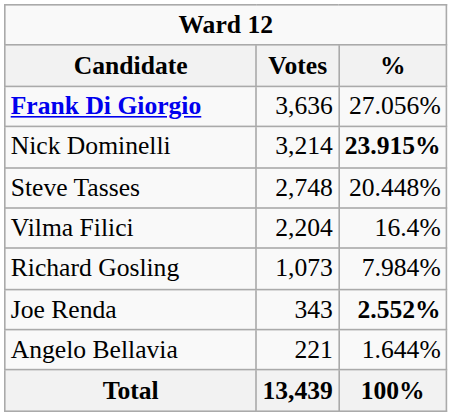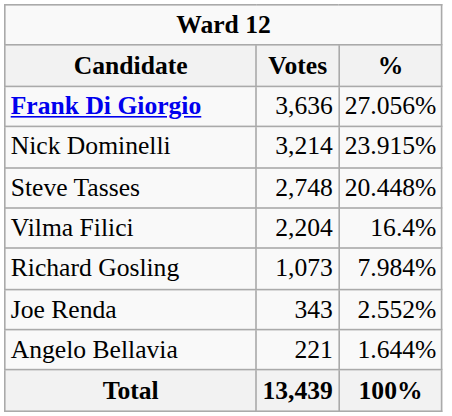 <table class="wikitable">
 <tr>
 <td Colspan="3" align="center"><strong>Ward 12</strong></td>
 </tr>
 <tr>
 <th bgcolor="#DDDDFF" width="150px">Candidate</th>
 <th bgcolor="#DDDDFF">Votes</th>
 <th bgcolor="#DDDDFF">%</th>
 </tr>
 <tr>
 <td><strong><a href='#'>Frank Di Giorgio</a></strong></td>
 <td align=right>3,636</td>
 <td align=right>27.056%</td>
 </tr>
 <tr>
 <td>Nick Dominelli</td>
 <td align=right>3,214</td>
-<td align=right><strong>23.915%</strong></td>
+<td align=right>23.915%</td>
 </tr>
 <tr>
 <td>Steve Tasses</td>
 <td align=right>2,748</td>
 <td align=right>20.448%</td>
 </tr>
 <tr>
 <td>Vilma Filici</td>
 <td align=right>2,204</td>
 <td align=right>16.4%</td>
 </tr>
 <tr>
 <td>Richard Gosling</td>
 <td align=right>1,073</td>
 <td align=right>7.984%</td>
 </tr>
 <tr>
 <td>Joe Renda</td>
 <td align=right>343</td>
-<td align=right><strong>2.552%</strong></td>
+<td align=right>2.552%</td>
 </tr>
 <tr>
 <td>Angelo Bellavia</td>
 <td align=right>221</td>
 <td align=right>1.644%</td>
 </tr>
 <tr>
 <th>Total</th>
 <th align=right>13,439</th>
 <th align=right>100%</th>
 </tr>
 </table>
